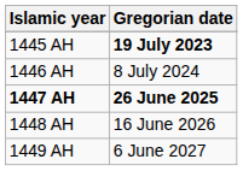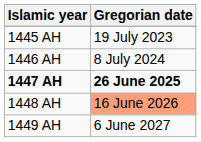 <table class="wikitable">
 <tr>
 <th>Islamic year</th>
 <th>Gregorian date</th>
 </tr>
 <tr>
 </tr>
 <tr>
 <td>1445 AH</td>
-<td><strong>19 July 2023</strong></td>
+<td>19 July 2023</td>
 </tr>
 <tr>
 <td>1446 AH</td>
 <td>8 July 2024</td>
 </tr>
 <tr>
 <td><strong>1447 AH</strong></td>
 <td><strong>26 June 2025</strong></td>
 </tr>
 <tr>
 <td>1448 AH</td>
-<td>16 June 2026</td>
+<td style="background: lightsalmon;">16 June 2026</td>
 </tr>
 <tr>
 <td>1449 AH</td>
 <td>6 June 2027</td>
 </tr>
 </table>
